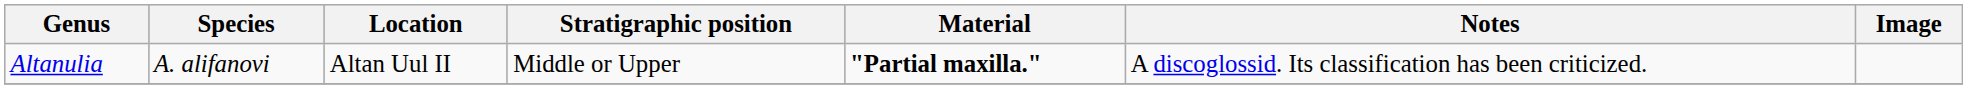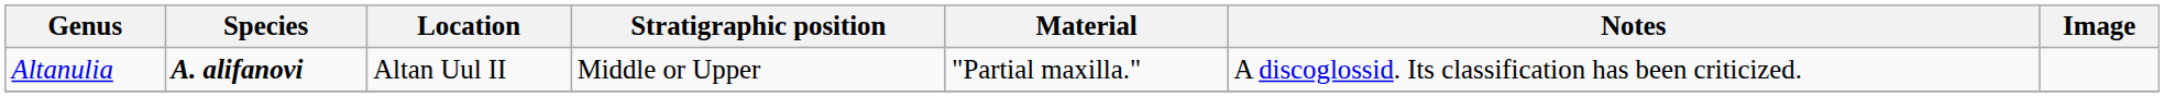 <table class="wikitable" align="center" width="100%">
 <tr>
 <th>Genus</th>
 <th>Species</th>
 <th>Location</th>
 <th>Stratigraphic position</th>
 <th>Material</th>
 <th>Notes</th>
 <th>Image</th>
 </tr>
 <tr>
 <td><em><a href='#'>Altanulia</a></em></td>
-<td><em>A. alifanovi</em></td>
+<td><strong><em>A. alifanovi</em></strong></td>
 <td>Altan Uul II</td>
 <td>Middle or Upper</td>
-<td><strong>"Partial maxilla."</strong></td>
+<td>"Partial maxilla."</td>
 <td>A <a href='#'>discoglossid</a>. Its classification has been criticized.</td>
 <td></td>
 </tr>
 <tr>
 </tr>
 </table>
